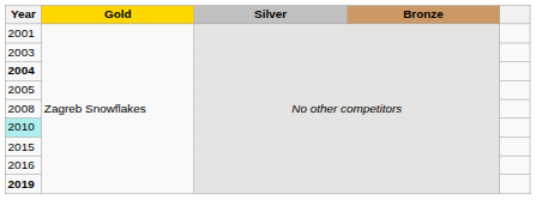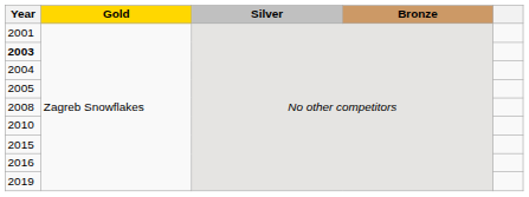 <table class="wikitable unsortable" style="text-align:left; width:80%">
 <tr>
 <th scope="col" style="text-align:center; width:5%">Year</th>
 <th scope="col" style="text-align:center; width:25%; background:gold">Gold</th>
 <th scope="col" style="text-align:center; width:25%; background:silver">Silver</th>
 <th scope="col" style="text-align:center; width:25%; background:#c96">Bronze</th>
 <th scope="col" style="text-align:center; width:5%"></th>
 </tr>
 <tr>
 <td>2001</td>
 <td rowspan="9">Zagreb Snowflakes</td>
 <td colspan="2" rowspan="9" align="center" bgcolor="e5e4e2"><em>No other competitors</em></td>
 <td></td>
 </tr>
 <tr>
-<td>2003</td>
+<td><strong>2003</strong></td>
 <td></td>
 </tr>
 <tr>
-<td><strong>2004</strong></td>
+<td>2004</td>
 <td></td>
 </tr>
 <tr>
 <td>2005</td>
 <td></td>
 </tr>
 <tr>
 <td>2008</td>
 <td></td>
 </tr>
 <tr>
-<td style="background: paleturquoise;">2010</td>
+<td>2010</td>
 <td></td>
 </tr>
 <tr>
 <td>2015</td>
 <td></td>
 </tr>
 <tr>
 <td>2016</td>
 <td></td>
 </tr>
 <tr>
-<td><strong>2019</strong></td>
+<td>2019</td>
 <td></td>
 </tr>
 </table>
